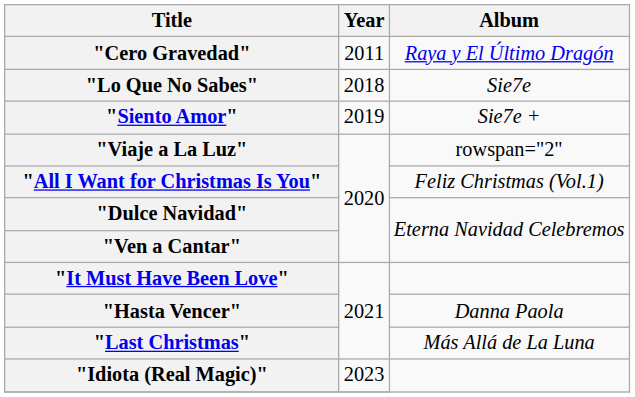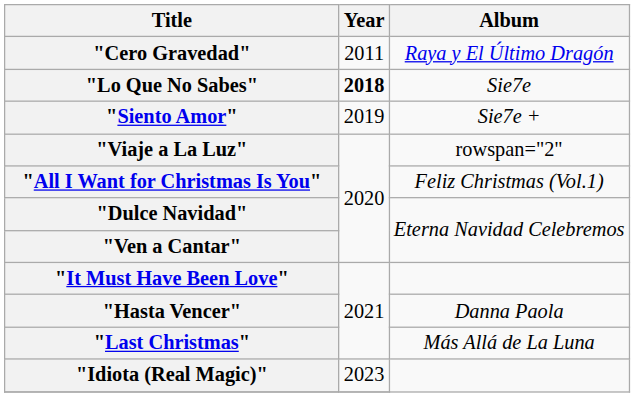 <table class="wikitable plainrowheaders" style="text-align:center;">
 <tr>
 <th scope="col" style="width:16em;">Title</th>
 <th scope="col">Year</th>
 <th scope="col">Album</th>
 </tr>
 <tr>
 <th scope="row">"Cero Gravedad"</th>
 <td>2011</td>
 <td><em><a href='#'>Raya y El Último Dragón</a></em></td>
 </tr>
 <tr>
 <th scope="row">"Lo Que No Sabes"</th>
-<td>2018</td>
+<td><strong>2018</strong></td>
 <td><em>Sie7e</em></td>
 </tr>
 <tr>
 <th scope="row">"<a href='#'>Siento Amor</a>"</th>
 <td>2019</td>
 <td><em>Sie7e +</em></td>
 </tr>
 <tr>
 <th scope="row">"Viaje a La Luz"</th>
 <td rowspan="4">2020</td>
 <td>rowspan="2" </td>
 </tr>
 <tr>
 <th scope="row">"<a href='#'>All I Want for Christmas Is You</a>"</th>
 <td><em>Feliz Christmas (Vol.1)</em></td>
 </tr>
 <tr>
 <th scope="row">"Dulce Navidad"<br></th>
 <td rowspan="2"><em>Eterna Navidad Celebremos</em></td>
 </tr>
 <tr>
 <th scope="row">"Ven a Cantar" <br></th>
 </tr>
 <tr>
 <th scope="row">"<a href='#'>It Must Have Been Love</a>"  <br></th>
 <td rowspan="3">2021</td>
 <td></td>
 </tr>
 <tr>
 <th scope="row">"Hasta Vencer"</th>
 <td><em>Danna Paola</em></td>
 </tr>
 <tr>
 <th scope="row">"<a href='#'>Last Christmas</a>"</th>
 <td><em>Más Allá de La Luna</em></td>
 </tr>
 <tr>
 <th scope="row">"Idiota (Real Magic)"<br></th>
 <td>2023</td>
 </tr>
 <tr>
 </tr>
 </table>
